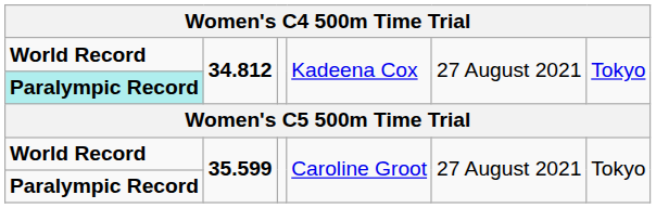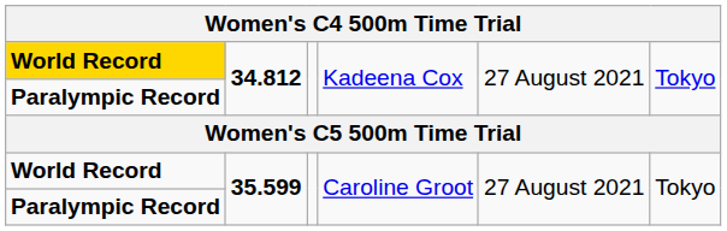 <table class="wikitable">
 <tr>
 <th colspan="6">Women's C4 500m Time Trial</th>
 </tr>
 <tr>
-<td><strong>World Record</strong></td>
+<td style="background: gold;"><strong>World Record</strong></td>
 <td rowspan="2"><strong>34.812</strong></td>
 <td rowspan="2"></td>
 <td rowspan="2"><a href='#'>Kadeena Cox</a></td>
 <td rowspan="2">27 August 2021</td>
 <td rowspan="2"><a href='#'>Tokyo</a></td>
 </tr>
 <tr>
-<td style="background: paleturquoise;"><strong>Paralympic Record</strong></td>
+<td><strong>Paralympic Record</strong></td>
 </tr>
 <tr>
 <th colspan="6"><strong>Women's C5 500m Time Trial</strong></th>
 </tr>
 <tr>
 <td><strong>World Record</strong></td>
 <td rowspan="2"><strong>35.599</strong></td>
 <td rowspan="2"></td>
 <td rowspan="2"><a href='#'>Caroline Groot</a></td>
 <td rowspan="2">27 August 2021</td>
 <td rowspan="2">Tokyo</td>
 </tr>
 <tr>
 <td><strong>Paralympic Record</strong></td>
 </tr>
 </table>
